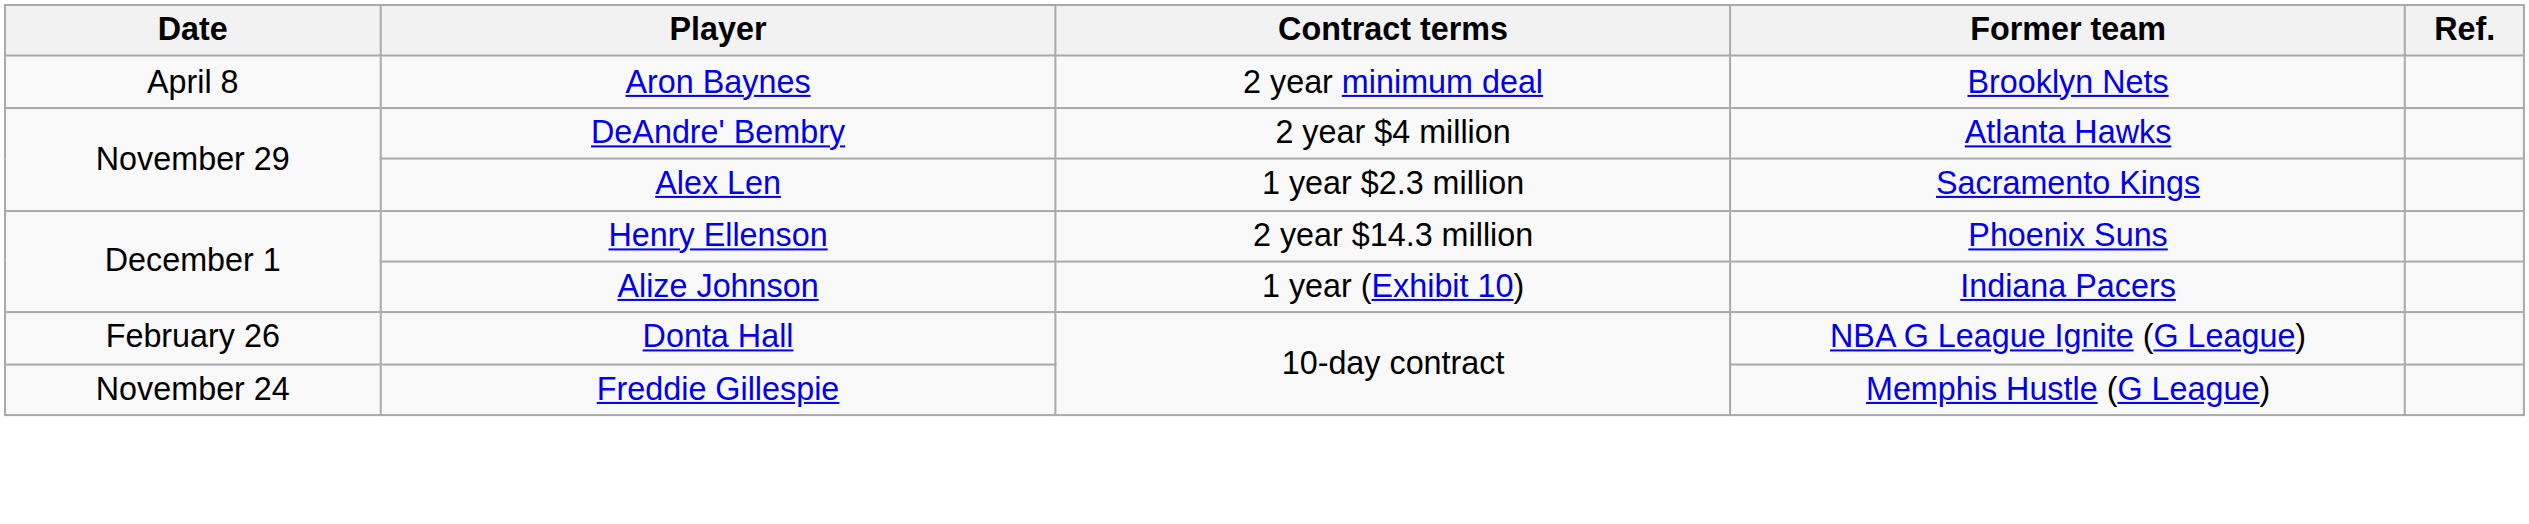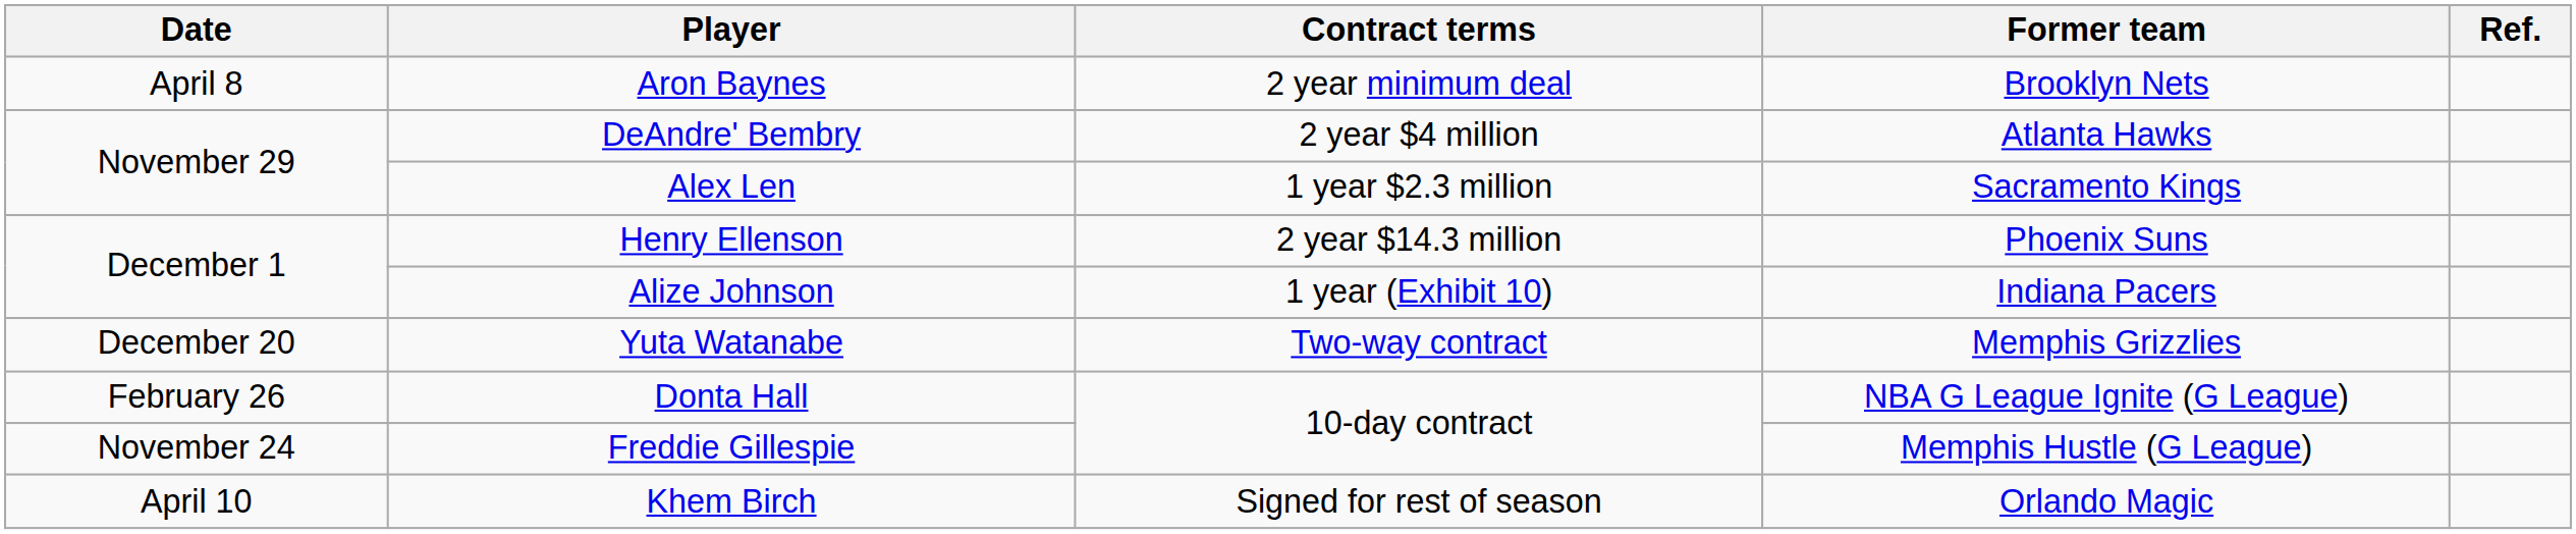 <table class="wikitable sortable sortable" style="text-align: center">
 <tr>
 <th width="5%">Date</th>
 <th width="10%">Player</th>
 <th width="10%">Contract terms</th>
 <th width="10%">Former team</th>
 <th class="unsortable" width="1%">Ref.</th>
 </tr>
 <tr>
 <td>April 8</td>
 <td><a href='#'>Aron Baynes</a></td>
 <td>2 year <a href='#'>minimum deal</a></td>
 <td><a href='#'>Brooklyn Nets</a></td>
 <td></td>
 </tr>
 <tr>
 <td rowspan="2">November 29</td>
 <td><a href='#'>DeAndre' Bembry</a></td>
 <td>2 year $4 million</td>
 <td><a href='#'>Atlanta Hawks</a></td>
 <td></td>
 </tr>
 <tr>
 <td><a href='#'>Alex Len</a></td>
 <td>1 year $2.3 million</td>
 <td><a href='#'>Sacramento Kings</a></td>
 <td></td>
 </tr>
 <tr>
 <td rowspan="2">December 1</td>
 <td><a href='#'>Henry Ellenson</a></td>
 <td>2 year $14.3 million</td>
 <td><a href='#'>Phoenix Suns</a></td>
 <td></td>
 </tr>
 <tr>
 <td><a href='#'>Alize Johnson</a></td>
 <td>1 year (<a href='#'>Exhibit 10</a>)</td>
 <td><a href='#'>Indiana Pacers</a></td>
 <td></td>
 </tr>
 <tr>
+<td>December 20</td>
+<td><a href='#'>Yuta Watanabe</a></td>
+<td><a href='#'>Two-way contract</a></td>
+<td><a href='#'>Memphis Grizzlies</a></td>
+<td></td>
+</tr>
+<tr>
 <td>February 26</td>
 <td><a href='#'>Donta Hall</a></td>
 <td rowspan="2">10-day contract</td>
 <td><a href='#'>NBA G League Ignite</a> (<a href='#'>G League</a>)</td>
 <td></td>
 </tr>
 <tr>
 <td>November 24</td>
 <td><a href='#'>Freddie Gillespie</a></td>
 <td><a href='#'>Memphis Hustle</a> (<a href='#'>G League</a>)</td>
 <td></td>
 </tr>
+<tr>
+<td>April 10</td>
+<td><a href='#'>Khem Birch</a></td>
+<td>Signed for rest of season</td>
+<td><a href='#'>Orlando Magic</a></td>
+<td></td>
+</tr>
 </table>
